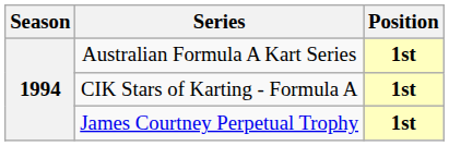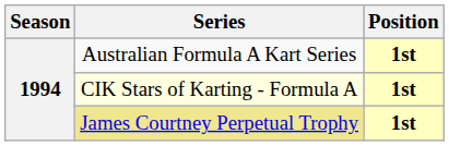 <table class="wikitable" style="font-size: 85%; text-align:center">
 <tr>
 <th>Season</th>
 <th>Series</th>
 <th>Position</th>
 </tr>
 <tr>
 <th rowspan=3>1994</th>
 <td>Australian Formula A Kart Series</td>
 <td align="center" style="background: #ffffbf"><strong>1st</strong></td>
 </tr>
 <tr>
-<td>CIK Stars of Karting - Formula A</td>
+<td style="background: lightyellow;">CIK Stars of Karting - Formula A</td>
 <td align="center" style="background: #ffffbf"><strong>1st </strong></td>
 </tr>
 <tr>
-<td><a href='#'>James Courtney Perpetual Trophy</a></td>
+<td style="background: khaki;"><a href='#'>James Courtney Perpetual Trophy</a></td>
 <td align="center" style="background: #ffffbf"><strong>1st </strong></td>
 </tr>
 </table>
